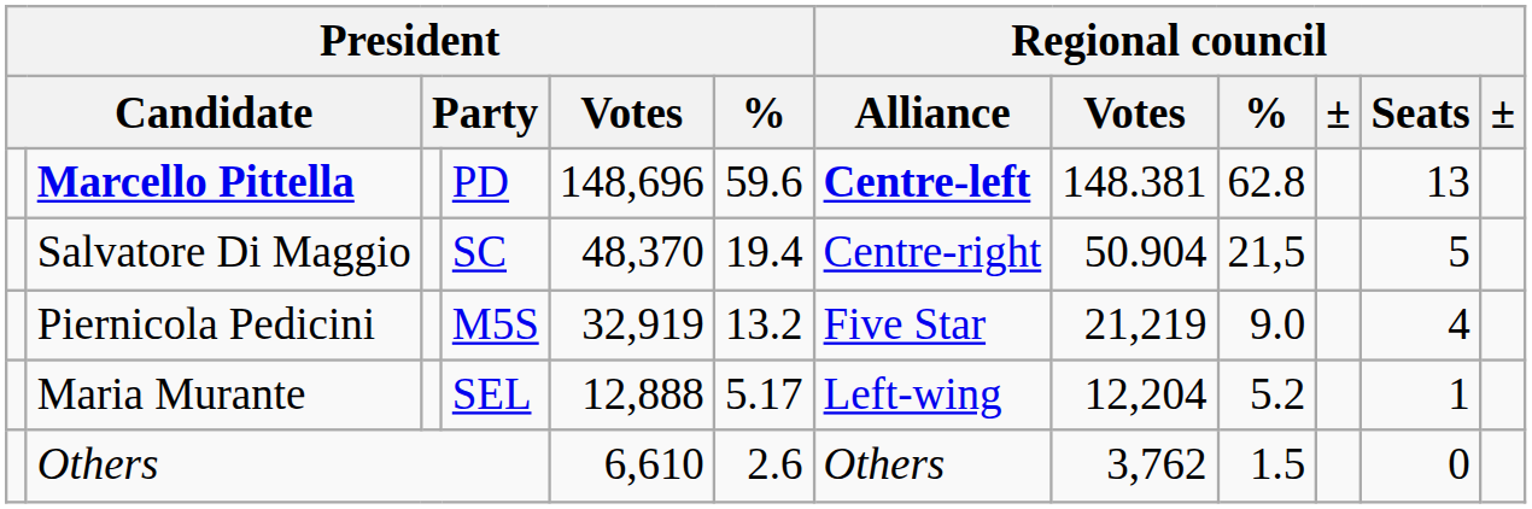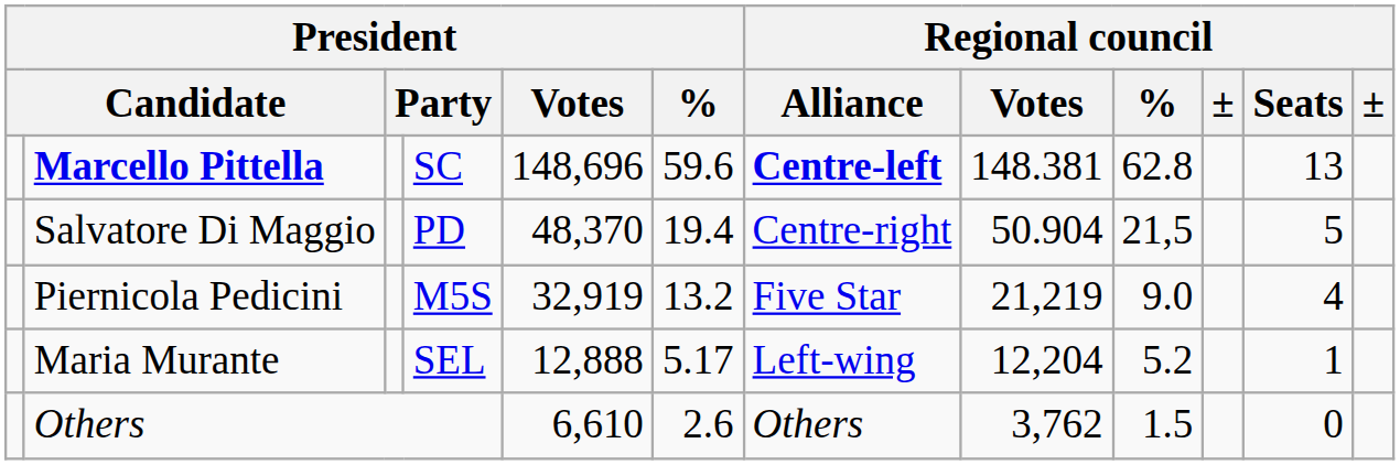 <table class="wikitable" style="text-align:right">
 <tr>
 <th colspan="6">President</th>
 <th colspan="6">Regional council</th>
 </tr>
 <tr>
 <th colspan="2">Candidate</th>
 <th colspan="2">Party</th>
 <th>Votes</th>
 <th>%</th>
 <th>Alliance</th>
 <th>Votes</th>
 <th>%</th>
 <th>±</th>
 <th>Seats</th>
 <th>±</th>
 </tr>
 <tr>
 <td></td>
 <td style="text-align:left"><strong><a href='#'>Marcello Pittella</a></strong></td>
 <td></td>
-<td style="text-align:left"><a href='#'>PD</a></td>
+<td style="text-align:left"><a href='#'>SC</a></td>
 <td>148,696</td>
 <td>59.6</td>
 <td style="text-align:left"><strong><a href='#'>Centre-left</a></strong></td>
 <td>148.381</td>
 <td>62.8</td>
 <td></td>
 <td>13</td>
 <td></td>
 </tr>
 <tr>
 <td></td>
 <td style="text-align:left">Salvatore Di Maggio</td>
 <td></td>
-<td style="text-align:left"><a href='#'>SC</a></td>
+<td style="text-align:left"><a href='#'>PD</a></td>
 <td>48,370</td>
 <td>19.4</td>
 <td style="text-align:left"><a href='#'>Centre-right</a></td>
 <td>50.904</td>
 <td>21,5</td>
 <td></td>
 <td>5</td>
 <td></td>
 </tr>
 <tr>
 <td></td>
 <td style="text-align:left">Piernicola Pedicini</td>
 <td></td>
 <td style="text-align:left"><a href='#'>M5S</a></td>
 <td>32,919</td>
 <td>13.2</td>
 <td style="text-align:left"><a href='#'>Five Star</a></td>
 <td>21,219</td>
 <td>9.0</td>
 <td></td>
 <td>4</td>
 <td></td>
 </tr>
 <tr>
 <td></td>
 <td style="text-align:left">Maria Murante</td>
 <td></td>
 <td style="text-align:left"><a href='#'>SEL</a></td>
 <td>12,888</td>
 <td>5.17</td>
 <td style="text-align:left"><a href='#'>Left-wing</a></td>
 <td>12,204</td>
 <td>5.2</td>
 <td></td>
 <td>1</td>
 <td></td>
 </tr>
 <tr>
 <td></td>
 <td colspan="3" style="text-align:left"><em>Others</em></td>
 <td>6,610</td>
 <td>2.6</td>
 <td style="text-align:left"><em>Others</em></td>
 <td>3,762</td>
 <td>1.5</td>
 <td></td>
 <td>0</td>
 <td></td>
 </tr>
 </table>
